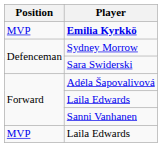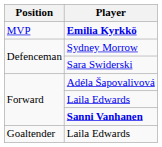 <table class="wikitable">
 <tr>
 <th>Position</th>
 <th>Player</th>
 </tr>
 <tr>
 <td><a href='#'>MVP</a></td>
 <td><strong> <a href='#'>Emilia Kyrkkö</a></strong></td>
 </tr>
 <tr>
 <td rowspan=2>Defenceman</td>
 <td> <a href='#'>Sydney Morrow</a></td>
 </tr>
 <tr>
 <td> <a href='#'>Sara Swiderski</a></td>
 </tr>
 <tr>
 <td rowspan=3>Forward</td>
 <td> <a href='#'>Adéla Šapovalivová</a></td>
 </tr>
 <tr>
 <td> <a href='#'>Laila Edwards</a></td>
 </tr>
 <tr>
-<td> <a href='#'>Sanni Vanhanen</a></td>
+<td><strong> <a href='#'>Sanni Vanhanen</a></strong></td>
 </tr>
 <tr>
-<td><a href='#'>MVP</a></td>
+<td>Goaltender</td>
 <td> Laila Edwards</td>
 </tr>
 </table>
